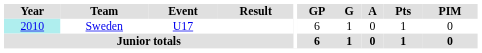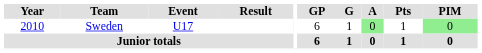 <table border="0" cellpadding="1" cellspacing="0" ID="Table3" style="text-align:center; width:40em">
 <tr ALIGN="center" bgcolor="#e0e0e0">
 <th>Year</th>
 <th>Team</th>
 <th>Event</th>
 <th>Result</th>
 <th rowspan="99" bgcolor="#ffffff"></th>
 <th>GP</th>
 <th>G</th>
 <th>A</th>
 <th>Pts</th>
 <th>PIM</th>
 </tr>
 <tr>
-<td style="background: paleturquoise;"><a href='#'>2010</a></td>
+<td><a href='#'>2010</a></td>
 <td><a href='#'>Sweden</a></td>
 <td><a href='#'>U17</a></td>
 <td></td>
 <td>6</td>
 <td>1</td>
-<td>0</td>
+<td style="background: lightgreen;">0</td>
 <td>1</td>
-<td>0</td>
+<td style="background: lightgreen;">0</td>
 </tr>
 <tr bgcolor="#e0e0e0">
 <th colspan="4">Junior totals</th>
 <th>6</th>
 <th>1</th>
 <th>0</th>
 <th>1</th>
 <th>0</th>
 </tr>
 </table>
